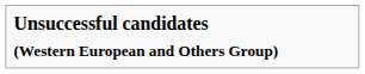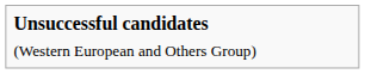 <table class="infobox" style="width:300px;">
 <tr>
 <td><strong>Unsuccessful candidates</strong></td>
 </tr>
 <tr>
-<td><strong> <small>(Western European and Others Group)</small></strong></td>
+<td> <small>(Western European and Others Group)</small></td>
 </tr>
 </table>
